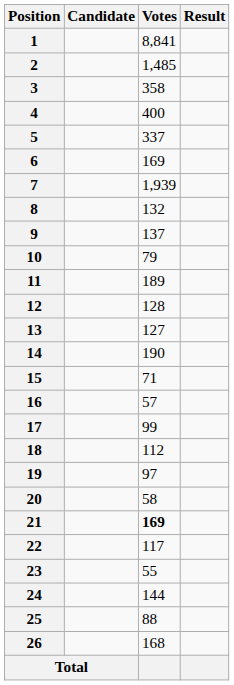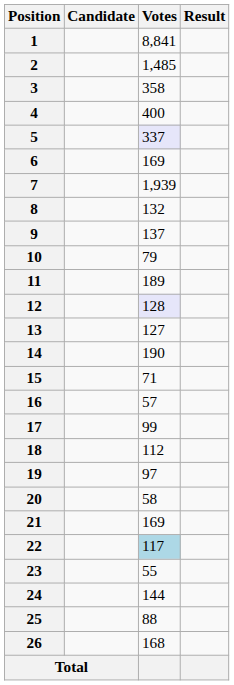 <table class="wikitable sortable col3right">
 <tr>
 <th scope="col">Position</th>
 <th scope="col">Candidate</th>
 <th scope="col">Votes</th>
 <th scope="col">Result</th>
 </tr>
 <tr>
 <th scope="row">1</th>
 <td></td>
 <td>8,841</td>
 <td></td>
 </tr>
 <tr>
 <th scope="row">2</th>
 <td></td>
 <td>1,485</td>
 <td></td>
 </tr>
 <tr>
 <th scope="row">3</th>
 <td></td>
 <td>358</td>
 <td></td>
 </tr>
 <tr>
 <th scope="row">4</th>
 <td></td>
 <td>400</td>
 <td></td>
 </tr>
 <tr>
 <th scope="row">5</th>
 <td></td>
-<td>337</td>
+<td style="background: lavender;">337</td>
 <td></td>
 </tr>
 <tr>
 <th scope="row">6</th>
 <td></td>
 <td>169</td>
 <td></td>
 </tr>
 <tr>
 <th scope="row">7</th>
 <td></td>
 <td>1,939</td>
 <td></td>
 </tr>
 <tr>
 <th scope="row">8</th>
 <td></td>
 <td>132</td>
 <td></td>
 </tr>
 <tr>
 <th scope="row">9</th>
 <td></td>
 <td>137</td>
 <td></td>
 </tr>
 <tr>
 <th scope="row">10</th>
 <td></td>
 <td>79</td>
 <td></td>
 </tr>
 <tr>
 <th scope="row">11</th>
 <td></td>
 <td>189</td>
 <td></td>
 </tr>
 <tr>
 <th scope="row">12</th>
 <td></td>
-<td>128</td>
+<td style="background: lavender;">128</td>
 <td></td>
 </tr>
 <tr>
 <th scope="row">13</th>
 <td></td>
 <td>127</td>
 <td></td>
 </tr>
 <tr>
 <th scope="row">14</th>
 <td></td>
 <td>190</td>
 <td></td>
 </tr>
 <tr>
 <th scope="row">15</th>
 <td></td>
 <td>71</td>
 <td></td>
 </tr>
 <tr>
 <th scope="row">16</th>
 <td></td>
 <td>57</td>
 <td></td>
 </tr>
 <tr>
 <th scope="row">17</th>
 <td></td>
 <td>99</td>
 <td></td>
 </tr>
 <tr>
 <th scope="row">18</th>
 <td></td>
 <td>112</td>
 <td></td>
 </tr>
 <tr>
 <th scope="row">19</th>
 <td></td>
 <td>97</td>
 <td></td>
 </tr>
 <tr>
 <th scope="row">20</th>
 <td></td>
 <td>58</td>
 <td></td>
 </tr>
 <tr>
 <th scope="row">21</th>
 <td></td>
-<td><strong>169</strong></td>
+<td>169</td>
 <td></td>
 </tr>
 <tr>
 <th scope="row">22</th>
 <td></td>
-<td>117</td>
+<td style="background: lightblue;">117</td>
 <td></td>
 </tr>
 <tr>
 <th scope="row">23</th>
 <td></td>
 <td>55</td>
 <td></td>
 </tr>
 <tr>
 <th scope="row">24</th>
 <td></td>
 <td>144</td>
 <td></td>
 </tr>
 <tr>
 <th scope="row">25</th>
 <td></td>
 <td>88</td>
 <td></td>
 </tr>
 <tr>
 <th scope="row">26</th>
 <td></td>
 <td>168</td>
 <td></td>
 </tr>
 <tr class="sortbottom">
 <th scope="row" colspan="2">Total</th>
 <th></th>
 <th></th>
 </tr>
 </table>
